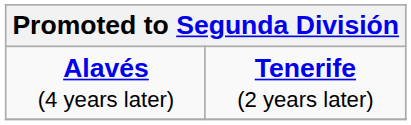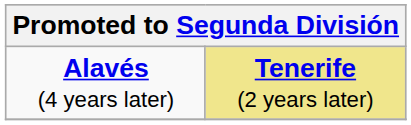 <table class="wikitable" style="text-align: center; margin: 0 auto;">
 <tr>
 <th colspan=2>Promoted to <a href='#'>Segunda División</a></th>
 </tr>
 <tr>
 <td><strong><a href='#'>Alavés</a></strong><br><small>(4 years later)</small></td>
-<td><strong><a href='#'>Tenerife</a></strong><br><small>(2 years later)</small></td>
+<td style="background: khaki;"><strong><a href='#'>Tenerife</a></strong><br><small>(2 years later)</small></td>
 </tr>
 <tr>
 </tr>
 </table>
